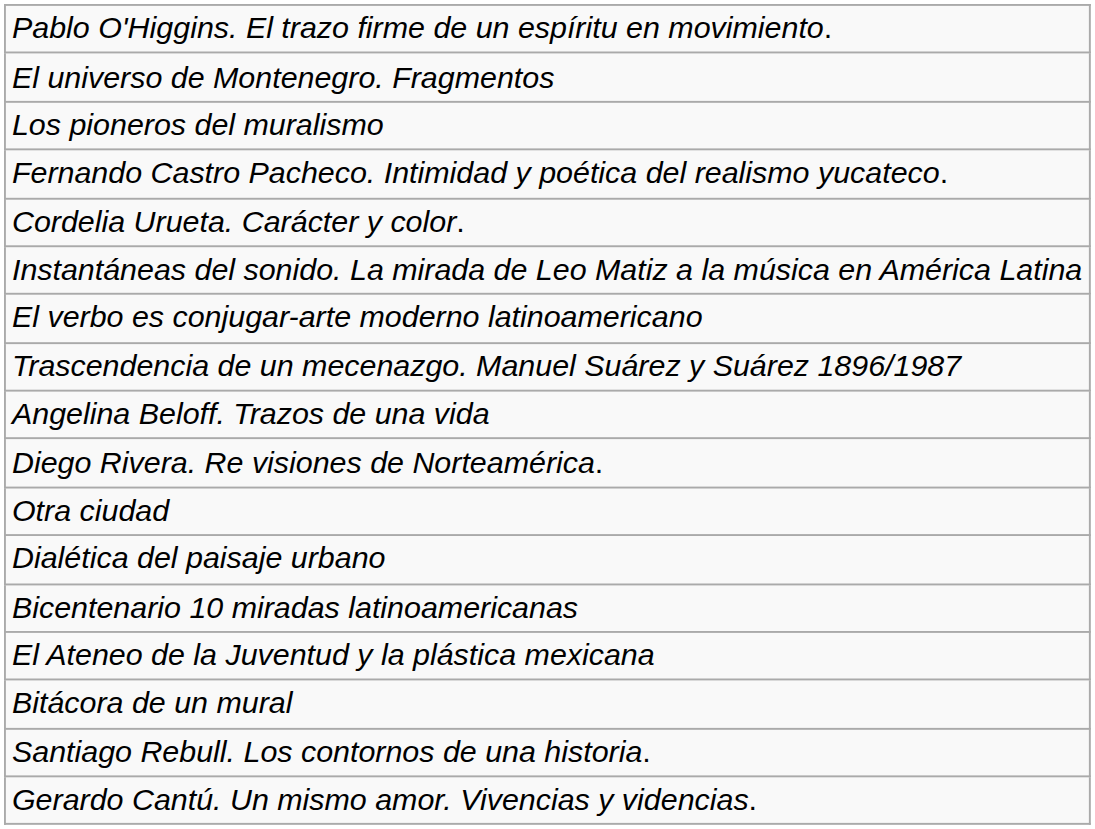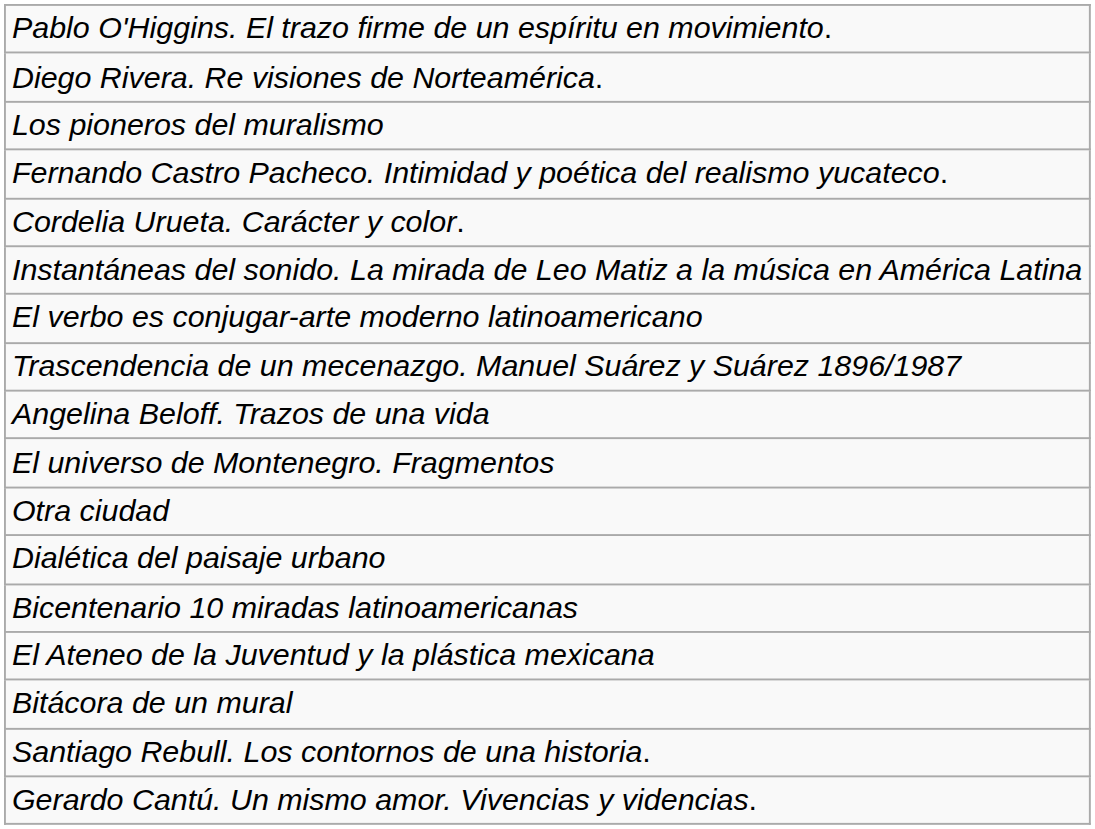 <table class="wikitable">
 <tr>
 <td><em>Pablo O'Higgins. El trazo firme de un espíritu en movimiento</em>.</td>
 </tr>
 <tr>
-<td><em>El universo de Montenegro. Fragmentos</em></td>
+<td><em>Diego Rivera. Re visiones de Norteamérica</em>.</td>
 </tr>
 <tr>
 <td><em>Los pioneros del muralismo</em></td>
 </tr>
 <tr>
 <td><em>Fernando Castro Pacheco. Intimidad y poética del realismo yucateco</em>.</td>
 </tr>
 <tr>
 <td><em>Cordelia Urueta. Carácter y color</em>.</td>
 </tr>
 <tr>
 <td><em>Instantáneas del sonido. La mirada de Leo Matiz a la música en América Latina</em></td>
 </tr>
 <tr>
 <td><em>El verbo es conjugar-arte moderno latinoamericano</em></td>
 </tr>
 <tr>
 <td><em>Trascendencia de un mecenazgo. Manuel Suárez y Suárez 1896/1987</em></td>
 </tr>
 <tr>
 <td><em>Angelina Beloff. Trazos de una vida</em></td>
 </tr>
 <tr>
-<td><em>Diego Rivera. Re visiones de Norteamérica</em>.</td>
+<td><em>El universo de Montenegro. Fragmentos</em></td>
 </tr>
 <tr>
 <td><em>Otra ciudad</em></td>
 </tr>
 <tr>
 <td><em>Dialética del paisaje urbano</em></td>
 </tr>
 <tr>
 <td><em>Bicentenario 10 miradas latinoamericanas</em></td>
 </tr>
 <tr>
 <td><em>El Ateneo de la Juventud y la plástica mexicana</em></td>
 </tr>
 <tr>
 <td><em>Bitácora de un mural</em></td>
 </tr>
 <tr>
 <td><em>Santiago Rebull. Los contornos de una historia</em>.</td>
 </tr>
 <tr>
 <td><em>Gerardo Cantú. Un mismo amor. Vivencias y videncias</em>.</td>
 </tr>
 </table>
